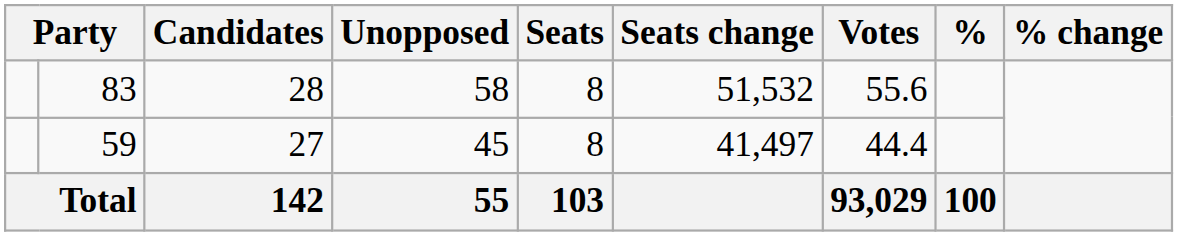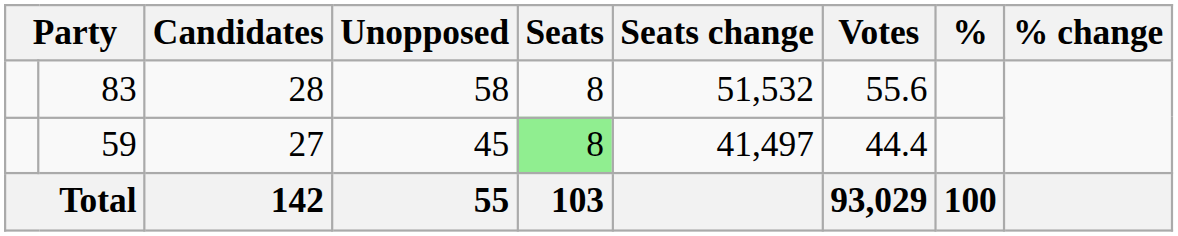 <table class="wikitable sortable">
 <tr>
 <th colspan=2>Party</th>
 <th>Candidates</th>
 <th>Unopposed</th>
 <th>Seats</th>
 <th>Seats change</th>
 <th>Votes</th>
 <th>%</th>
 <th>% change</th>
 </tr>
 <tr>
 <td></td>
 <td align=right>83</td>
 <td align=right>28</td>
 <td align=right>58</td>
 <td align=right>8</td>
 <td align=right>51,532</td>
 <td align=right>55.6</td>
 <td align=right></td>
 </tr>
 <tr>
 <td></td>
 <td align=right>59</td>
 <td align=right>27</td>
 <td align=right>45</td>
-<td align=right rowspan=1>8</td>
+<td align=right rowspan=1 style="background: lightgreen;">8</td>
 <td align=right>41,497</td>
 <td align=right>44.4</td>
 <td align=right rowspan=1></td>
 </tr>
 <tr class="sortbottom" style="font-weight: bold; text-align: right; background: #f2f2f2;">
 <th colspan="2" style="padding-left: 1.5em; text-align: left;">Total</th>
 <td align=right>142</td>
 <td align=right>55</td>
 <td align=right>103</td>
 <td align=right></td>
 <td align=right>93,029</td>
 <td align=right>100</td>
 <td align=right></td>
 </tr>
 </table>
